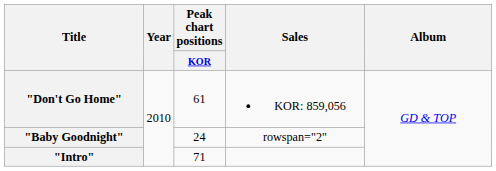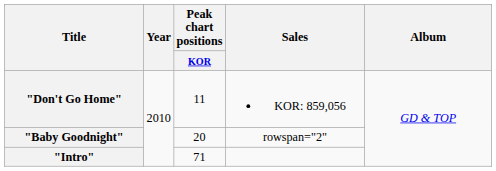 <table class="wikitable plainrowheaders" style="text-align:center;">
 <tr>
 <th rowspan="2" scope="col" style="width:11em;">Title</th>
 <th rowspan="2" scope="col">Year</th>
 <th colspan="1" scope="col">Peak chart positions</th>
 <th rowspan="2" scope="col" style="width:11em;">Sales</th>
 <th rowspan="2" scope="col" style="width:10em;">Album</th>
 </tr>
 <tr>
 <th width="40"><small><a href='#'>KOR</a></small><br></th>
 </tr>
 <tr>
 <th scope="row">"Don't Go Home"</th>
 <td rowspan="3">2010</td>
-<td>61</td>
+<td>11</td>
 <td><br><ul><li>KOR: 859,056</li></ul></td>
 <td rowspan="3"><em><a href='#'>GD & TOP</a></em></td>
 </tr>
 <tr>
 <th scope="row">"Baby Goodnight"</th>
-<td>24</td>
+<td>20</td>
 <td>rowspan="2" </td>
 </tr>
 <tr>
 <th scope="row">"Intro"</th>
 <td>71</td>
 </tr>
 </table>
